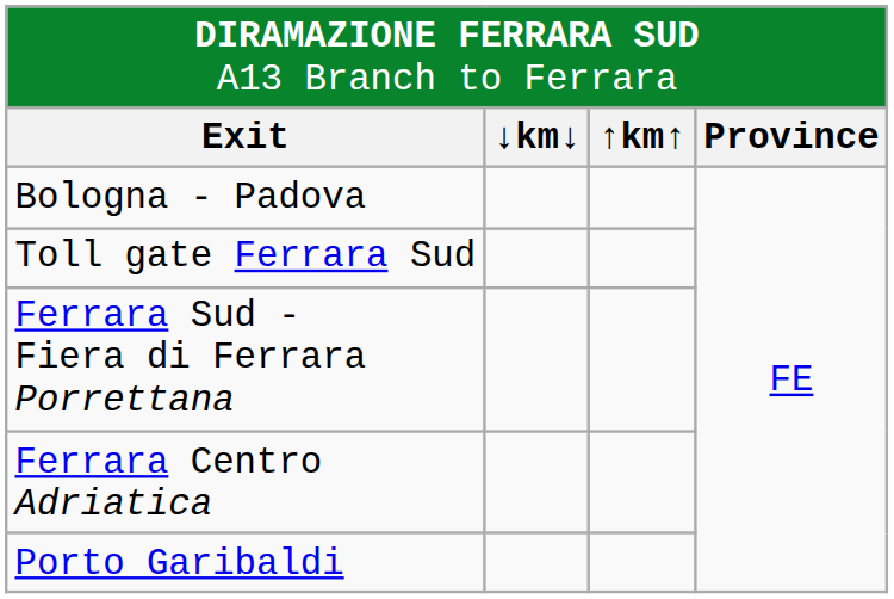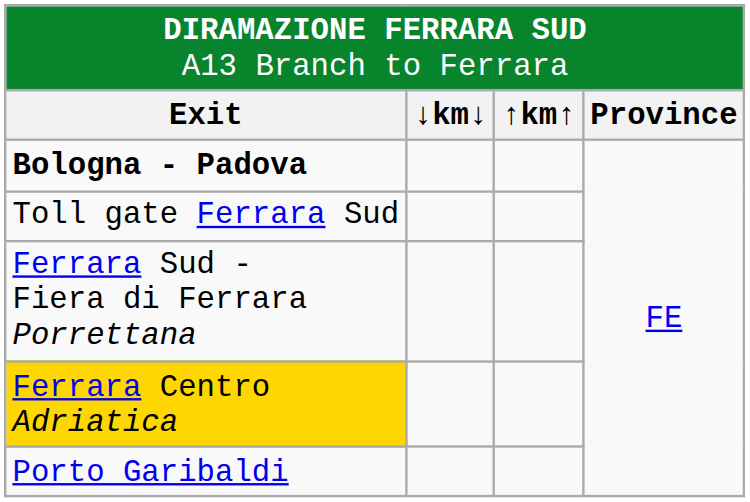 <table class="wikitable">
 <tr align="center" style="color: white;" bgcolor="#08842c">
 <td colspan="6"><strong> DIRAMAZIONE FERRARA SUD</strong><br>A13 Branch to Ferrara</td>
 </tr>
 <tr>
 <th><strong>Exit</strong></th>
 <th align="center"><strong>↓km↓</strong></th>
 <th align="center"><strong>↑km↑</strong></th>
 <th align="center"><strong>Province</strong></th>
 </tr>
 <tr>
-<td>  Bologna - Padova</td>
+<td><strong>  Bologna - Padova</strong></td>
 <td align="right"></td>
 <td align="right"></td>
 <td rowspan=5 align="center"><a href='#'>FE</a></td>
 </tr>
 <tr>
 <td> Toll gate <a href='#'>Ferrara</a> Sud</td>
 <td align="right"></td>
 <td align="right"></td>
 </tr>
 <tr>
 <td> <a href='#'>Ferrara</a> Sud - <br> Fiera di Ferrara<br> <em>Porrettana</em></td>
 <td align="right"></td>
 <td align="right"></td>
 </tr>
 <tr>
-<td> <a href='#'>Ferrara</a> Centro <br> <em>Adriatica</em></td>
+<td style="background: gold;"> <a href='#'>Ferrara</a> Centro <br> <em>Adriatica</em></td>
 <td align="right"></td>
 <td align="right"></td>
 </tr>
 <tr>
 <td>  <a href='#'>Porto Garibaldi</a></td>
 <td align="right"></td>
 <td align="right"></td>
 </tr>
 </table>
